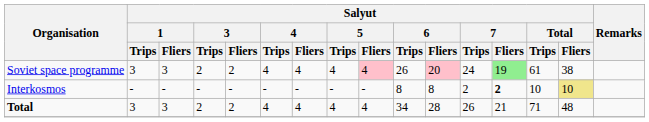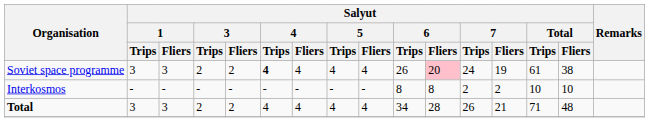 <table class="wikitable">
 <tr>
 <th rowspan=3>Organisation</th>
 <th colspan=14>Salyut</th>
 <th rowspan=3>Remarks</th>
 </tr>
 <tr>
 <th colspan=2>1</th>
 <th colspan=2>3</th>
 <th colspan=2>4</th>
 <th colspan=2>5</th>
 <th colspan=2>6</th>
 <th colspan=2>7</th>
 <th colspan=2>Total</th>
 </tr>
 <tr>
 <th>Trips</th>
 <th>Fliers</th>
 <th>Trips</th>
 <th>Fliers</th>
 <th>Trips</th>
 <th>Fliers</th>
 <th>Trips</th>
 <th>Fliers</th>
 <th>Trips</th>
 <th>Fliers</th>
 <th>Trips</th>
 <th>Fliers</th>
 <th>Trips</th>
 <th>Fliers</th>
 </tr>
 <tr>
 <td><a href='#'>Soviet space programme</a></td>
 <td>3</td>
 <td>3</td>
 <td>2</td>
 <td>2</td>
+<td><strong>4</strong></td>
 <td>4</td>
 <td>4</td>
 <td>4</td>
-<td style="background: pink;">4</td>
 <td>26</td>
 <td style="background: pink;">20</td>
 <td>24</td>
-<td style="background: lightgreen;">19</td>
+<td>19</td>
 <td>61</td>
 <td>38</td>
 <td></td>
 </tr>
 <tr>
 <td><a href='#'>Interkosmos</a></td>
 <td>-</td>
 <td>-</td>
 <td>-</td>
 <td>-</td>
 <td>-</td>
 <td>-</td>
 <td>-</td>
 <td>-</td>
 <td>8</td>
 <td>8</td>
 <td>2</td>
-<td><strong>2</strong></td>
+<td>2</td>
 <td>10</td>
-<td style="background: khaki;">10</td>
+<td>10</td>
 <td></td>
 </tr>
 <tr>
 <td><strong>Total</strong></td>
 <td>3</td>
 <td>3</td>
 <td>2</td>
 <td>2</td>
 <td>4</td>
 <td>4</td>
 <td>4</td>
 <td>4</td>
 <td>34</td>
 <td>28</td>
 <td>26</td>
 <td>21</td>
 <td>71</td>
 <td>48</td>
 <td></td>
 </tr>
 <tr>
 </tr>
 </table>
